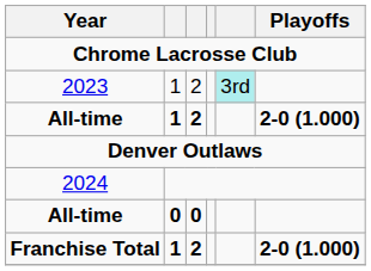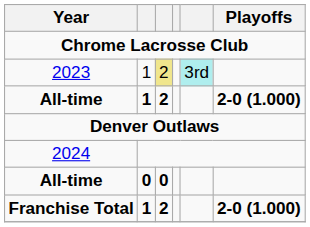 <table class="wikitable" style="text-align:center;">
 <tr>
 <th>Year</th>
 <th></th>
 <th></th>
 <th></th>
 <th></th>
 <th class="unsortable">Playoffs</th>
 </tr>
 <tr>
 <td colspan="6" align="center"><strong>Chrome Lacrosse Club</strong></td>
 </tr>
 <tr>
 <td><a href='#'>2023</a></td>
 <td>1</td>
-<td>2</td>
+<td style="background: khaki;">2</td>
 <td></td>
 <td style="background: paleturquoise;">3rd</td>
 <td></td>
 </tr>
 <tr>
 <td><strong>All-time</strong></td>
 <td><strong>1</strong></td>
 <td><strong>2</strong></td>
 <td><strong></strong></td>
 <td></td>
 <td><strong>2-0 (1.000)</strong></td>
 </tr>
 <tr>
 <td colspan="6" align="center"><strong>Denver Outlaws</strong></td>
 </tr>
 <tr>
 <td><a href='#'>2024</a></td>
 <td colspan="5"></td>
 </tr>
 <tr>
 <td><strong>All-time</strong></td>
 <td><strong>0</strong></td>
 <td><strong>0</strong></td>
 <td><strong></strong></td>
 <td></td>
 <td></td>
 </tr>
 <tr>
 <td><strong>Franchise Total</strong></td>
 <td><strong>1</strong></td>
 <td><strong>2</strong></td>
 <td><strong></strong></td>
 <td></td>
 <td><strong>2-0 (1.000)</strong></td>
 </tr>
 <tr>
 </tr>
 </table>
